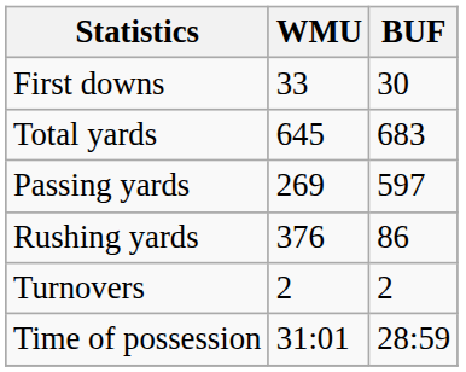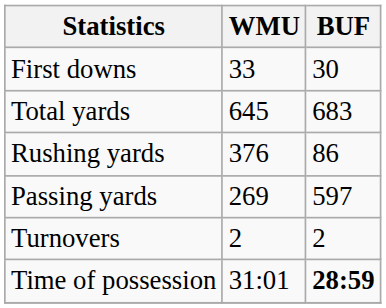 <table class="wikitable" style="float: left;">
 <tr>
 <th>Statistics</th>
 <th>WMU</th>
 <th>BUF</th>
 </tr>
 <tr>
 <td>First downs</td>
 <td>33</td>
 <td>30</td>
 </tr>
 <tr>
 <td>Total yards</td>
 <td>645</td>
 <td>683</td>
 </tr>
 <tr>
+<td>Rushing yards</td>
+<td>376</td>
+<td>86</td>
+</tr>
+<tr>
 <td>Passing yards</td>
 <td>269</td>
 <td>597</td>
-</tr>
-<tr>
-<td>Rushing yards</td>
-<td>376</td>
-<td>86</td>
 </tr>
 <tr>
 <td>Turnovers</td>
 <td>2</td>
 <td>2</td>
 </tr>
 <tr>
 <td>Time of possession</td>
 <td>31:01</td>
-<td>28:59</td>
+<td><strong>28:59</strong></td>
 </tr>
 <tr>
 </tr>
 </table>
